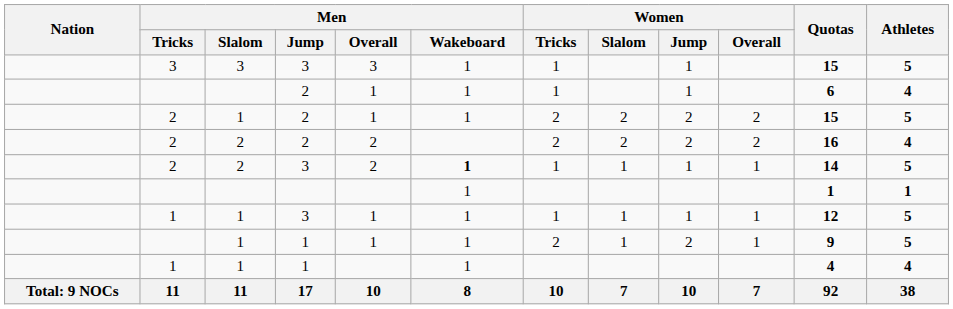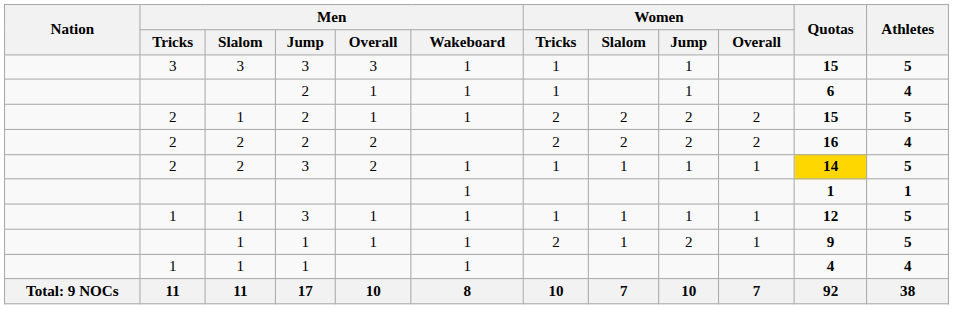 <table class="wikitable" width=900 style="text-align:center; font-size:90%">
 <tr>
 <th rowspan="2" align="left">Nation</th>
 <th colspan="5">Men</th>
 <th colspan="4">Women</th>
 <th rowspan=2>Quotas</th>
 <th rowspan=2>Athletes</th>
 </tr>
 <tr>
 <th>Tricks</th>
 <th>Slalom</th>
 <th>Jump</th>
 <th>Overall</th>
 <th>Wakeboard</th>
 <th>Tricks</th>
 <th>Slalom</th>
 <th>Jump</th>
 <th>Overall</th>
 </tr>
 <tr>
 <td align=left></td>
 <td>3</td>
 <td>3</td>
 <td>3</td>
 <td>3</td>
 <td>1</td>
 <td>1</td>
 <td></td>
 <td>1</td>
 <td></td>
 <td><strong>15</strong></td>
 <td><strong>5</strong></td>
 </tr>
 <tr>
 <td align=left></td>
 <td></td>
 <td></td>
 <td>2</td>
 <td>1</td>
 <td>1</td>
 <td>1</td>
 <td></td>
 <td>1</td>
 <td></td>
 <td><strong>6</strong></td>
 <td><strong>4</strong></td>
 </tr>
 <tr>
 <td align=left></td>
 <td>2</td>
 <td>1</td>
 <td>2</td>
 <td>1</td>
 <td>1</td>
 <td>2</td>
 <td>2</td>
 <td>2</td>
 <td>2</td>
 <td><strong>15</strong></td>
 <td><strong>5</strong></td>
 </tr>
 <tr>
 <td align=left></td>
 <td>2</td>
 <td>2</td>
 <td>2</td>
 <td>2</td>
 <td></td>
 <td>2</td>
 <td>2</td>
 <td>2</td>
 <td>2</td>
 <td><strong>16</strong></td>
 <td><strong>4</strong></td>
 </tr>
 <tr>
 <td align=left></td>
 <td>2</td>
 <td>2</td>
 <td>3</td>
 <td>2</td>
-<td><strong>1</strong></td>
 <td>1</td>
 <td>1</td>
 <td>1</td>
 <td>1</td>
-<td><strong>14</strong></td>
+<td>1</td>
+<td style="background: gold;"><strong>14</strong></td>
 <td><strong>5</strong></td>
 </tr>
 <tr>
 <td align=left></td>
 <td></td>
 <td></td>
 <td></td>
 <td></td>
 <td>1</td>
 <td></td>
 <td></td>
 <td></td>
 <td></td>
 <td><strong>1</strong></td>
 <td><strong>1</strong></td>
 </tr>
 <tr>
 <td align=left></td>
 <td>1</td>
 <td>1</td>
 <td>3</td>
 <td>1</td>
 <td>1</td>
 <td>1</td>
 <td>1</td>
 <td>1</td>
 <td>1</td>
 <td><strong>12</strong></td>
 <td><strong>5</strong></td>
 </tr>
 <tr>
 <td align=left></td>
 <td></td>
 <td>1</td>
 <td>1</td>
 <td>1</td>
 <td>1</td>
 <td>2</td>
 <td>1</td>
 <td>2</td>
 <td>1</td>
 <td><strong>9</strong></td>
 <td><strong>5</strong></td>
 </tr>
 <tr>
 <td align=left></td>
 <td>1</td>
 <td>1</td>
 <td>1</td>
 <td></td>
 <td>1</td>
 <td></td>
 <td></td>
 <td></td>
 <td></td>
 <td><strong>4</strong></td>
 <td><strong>4</strong></td>
 </tr>
 <tr>
 <th>Total: 9 NOCs</th>
 <th>11</th>
 <th>11</th>
 <th>17</th>
 <th>10</th>
 <th>8</th>
 <th>10</th>
 <th>7</th>
 <th>10</th>
 <th>7</th>
 <th>92</th>
 <th>38</th>
 </tr>
 </table>
